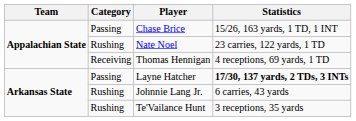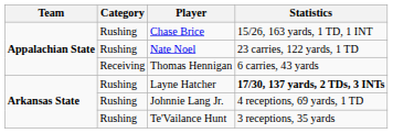 <table class="wikitable" style="float: left;">
 <tr>
 <th>Team</th>
 <th>Category</th>
 <th>Player</th>
 <th>Statistics</th>
 </tr>
 <tr>
 <td rowspan=3><strong>Appalachian State</strong></td>
-<td>Passing</td>
+<td>Rushing</td>
 <td><a href='#'>Chase Brice</a></td>
 <td>15/26, 163 yards, 1 TD, 1 INT</td>
 </tr>
 <tr>
 <td>Rushing</td>
 <td><a href='#'>Nate Noel</a></td>
 <td>23 carries, 122 yards, 1 TD</td>
 </tr>
 <tr>
 <td>Receiving</td>
 <td>Thomas Hennigan</td>
-<td>4 receptions, 69 yards, 1 TD</td>
+<td>6 carries, 43 yards</td>
 </tr>
 <tr>
 <td rowspan=3><strong>Arkansas State</strong></td>
-<td>Passing</td>
+<td>Rushing</td>
 <td>Layne Hatcher</td>
 <td><strong>17/30, 137 yards, 2 TDs, 3 INTs</strong></td>
 </tr>
 <tr>
 <td>Rushing</td>
 <td>Johnnie Lang Jr.</td>
-<td>6 carries, 43 yards</td>
+<td>4 receptions, 69 yards, 1 TD</td>
 </tr>
 <tr>
 <td>Rushing</td>
 <td>Te'Vailance Hunt</td>
 <td>3 receptions, 35 yards</td>
 </tr>
 </table>
